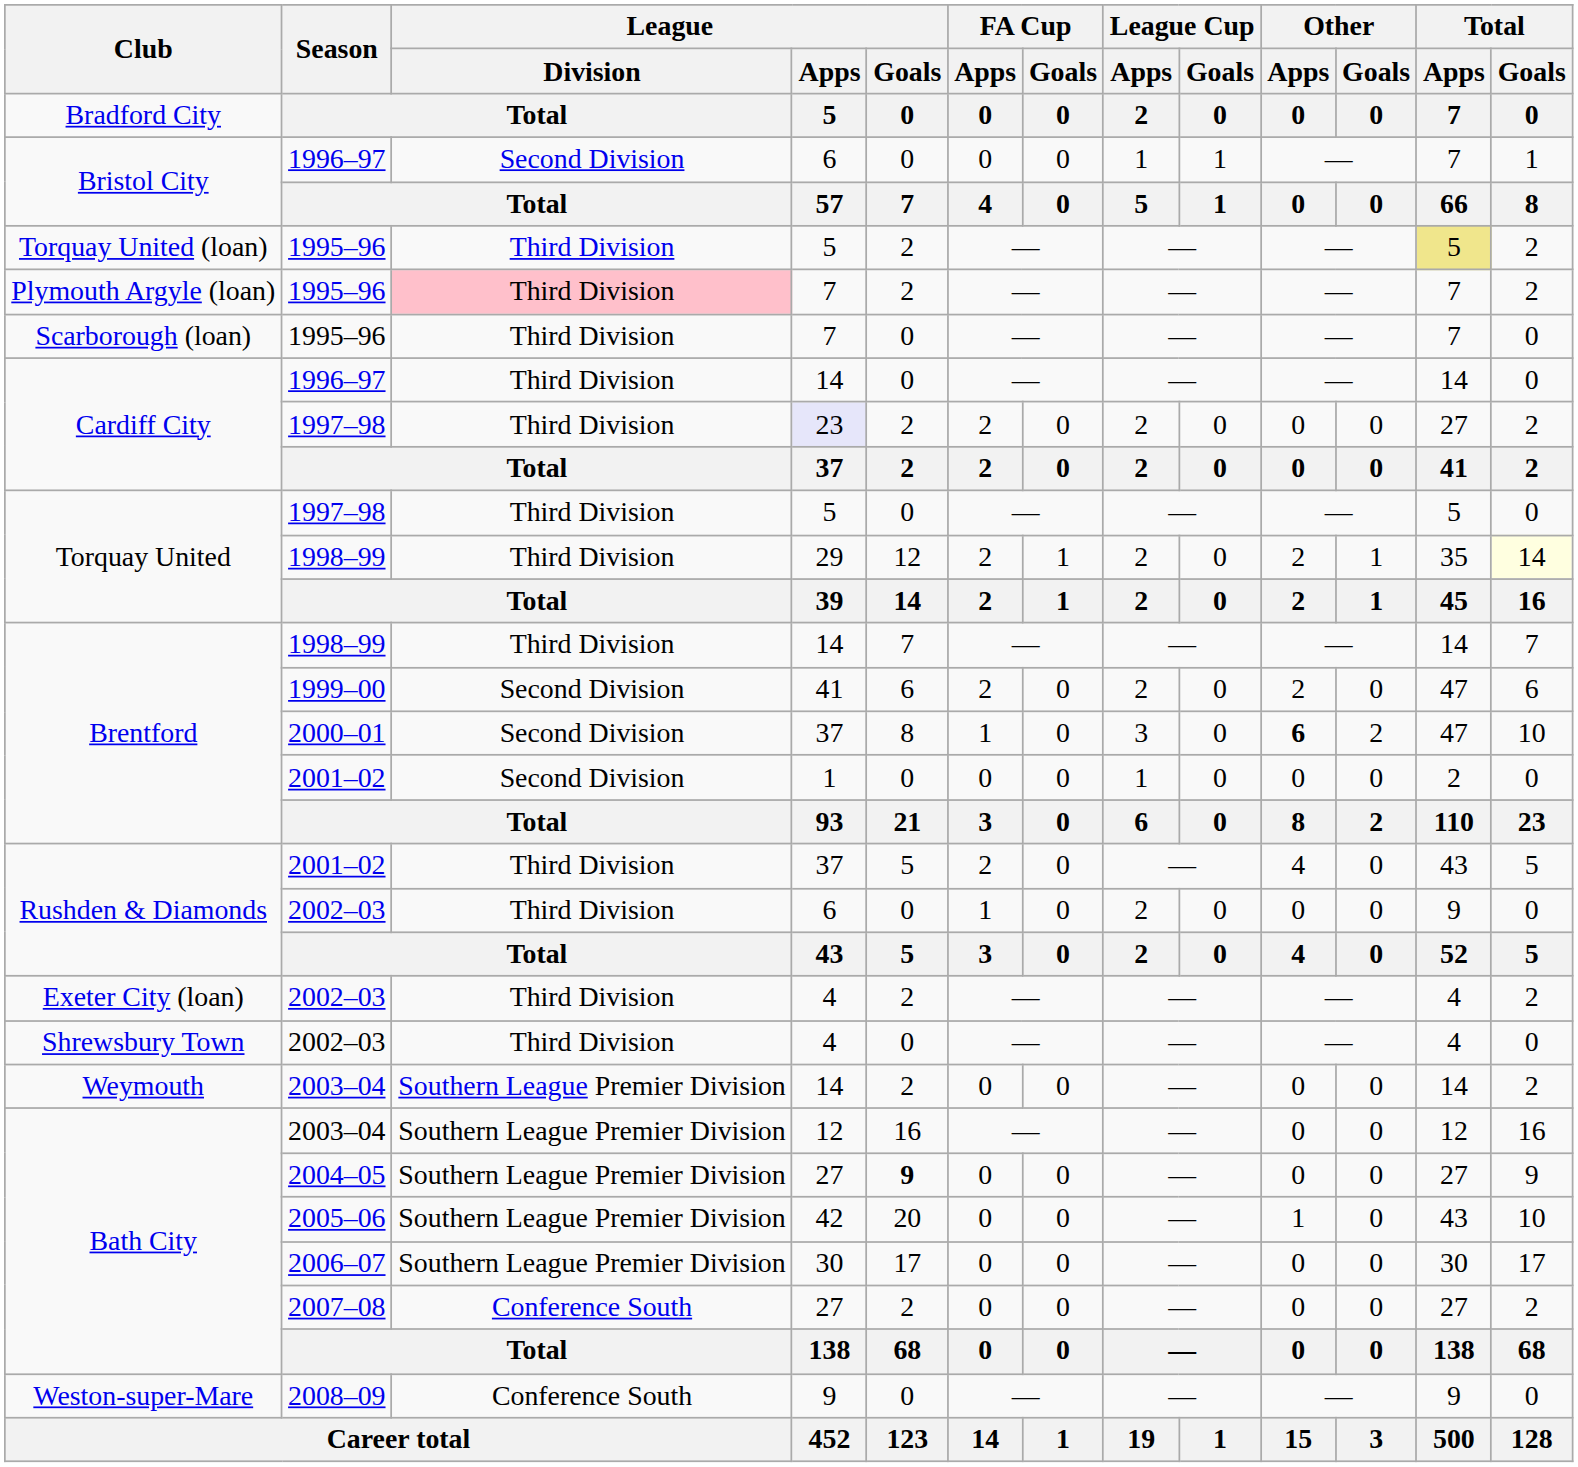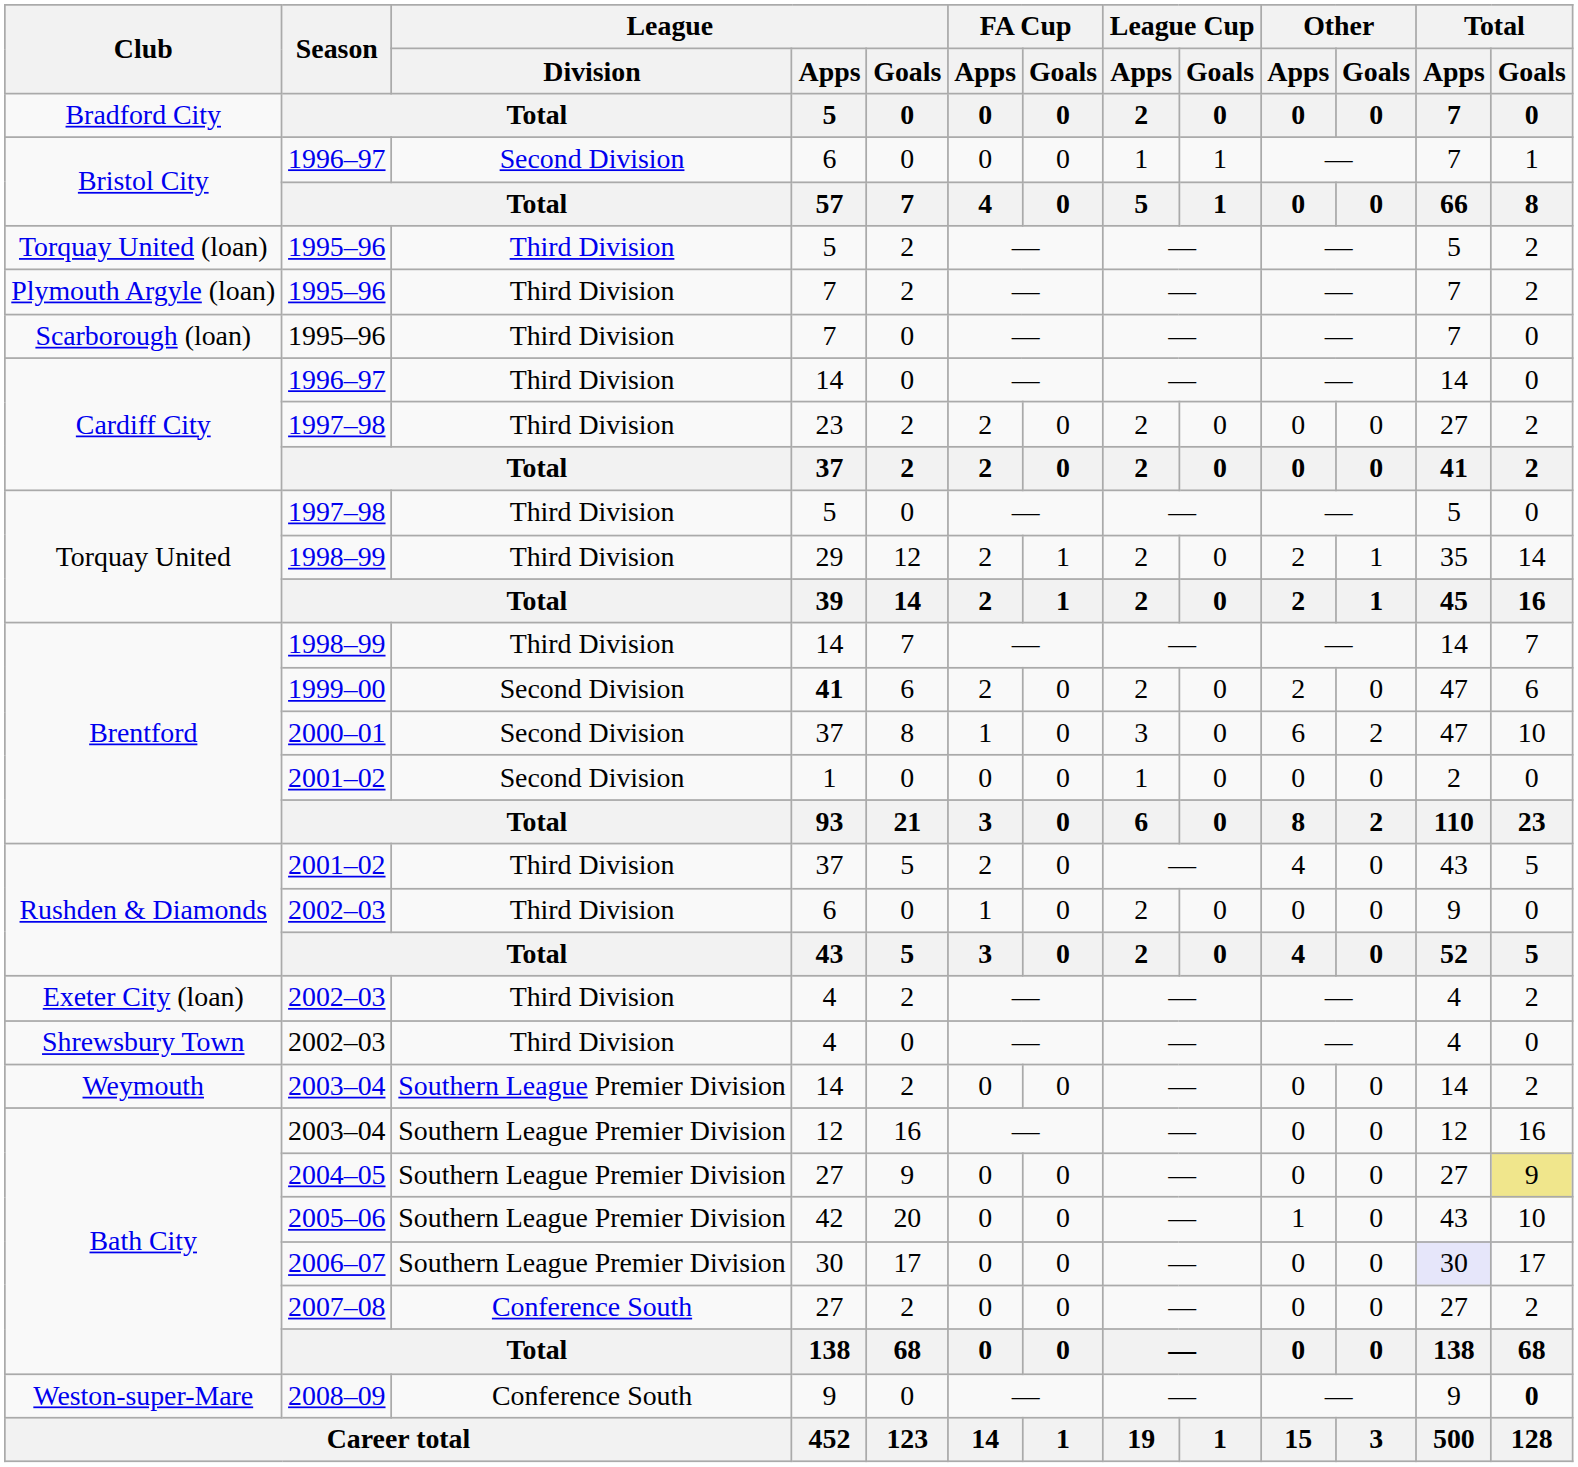 <table class="wikitable" style="text-align: center;">
 <tr>
 <th rowspan="2">Club</th>
 <th rowspan="2">Season</th>
 <th colspan="3">League</th>
 <th colspan="2">FA Cup</th>
 <th colspan="2">League Cup</th>
 <th colspan="2">Other</th>
 <th colspan="2">Total</th>
 </tr>
 <tr>
 <th>Division</th>
 <th>Apps</th>
 <th>Goals</th>
 <th>Apps</th>
 <th>Goals</th>
 <th>Apps</th>
 <th>Goals</th>
 <th>Apps</th>
 <th>Goals</th>
 <th>Apps</th>
 <th>Goals</th>
 </tr>
 <tr>
 <td><a href='#'>Bradford City</a></td>
 <th colspan="2">Total</th>
 <th>5</th>
 <th>0</th>
 <th>0</th>
 <th>0</th>
 <th>2</th>
 <th>0</th>
 <th>0</th>
 <th>0</th>
 <th>7</th>
 <th>0</th>
 </tr>
 <tr>
 <td rowspan="2"><a href='#'>Bristol City</a></td>
 <td><a href='#'>1996–97</a></td>
 <td><a href='#'>Second Division</a></td>
 <td>6</td>
 <td>0</td>
 <td>0</td>
 <td>0</td>
 <td>1</td>
 <td>1</td>
 <td colspan="2">—</td>
 <td>7</td>
 <td>1</td>
 </tr>
 <tr>
 <th colspan="2">Total</th>
 <th>57</th>
 <th>7</th>
 <th>4</th>
 <th>0</th>
 <th>5</th>
 <th>1</th>
 <th>0</th>
 <th>0</th>
 <th>66</th>
 <th>8</th>
 </tr>
 <tr>
 <td><a href='#'>Torquay United</a> (loan)</td>
 <td><a href='#'>1995–96</a></td>
 <td><a href='#'>Third Division</a></td>
 <td>5</td>
 <td>2</td>
 <td colspan="2">—</td>
 <td colspan="2">—</td>
 <td colspan="2">—</td>
-<td style="background: khaki;">5</td>
+<td>5</td>
 <td>2</td>
 </tr>
 <tr>
 <td><a href='#'>Plymouth Argyle</a> (loan)</td>
 <td><a href='#'>1995–96</a></td>
-<td style="background: pink;">Third Division</td>
+<td>Third Division</td>
 <td>7</td>
 <td>2</td>
 <td colspan="2">—</td>
 <td colspan="2">—</td>
 <td colspan="2">—</td>
 <td>7</td>
 <td>2</td>
 </tr>
 <tr>
 <td><a href='#'>Scarborough</a> (loan)</td>
 <td>1995–96</td>
 <td>Third Division</td>
 <td>7</td>
 <td>0</td>
 <td colspan="2">—</td>
 <td colspan="2">—</td>
 <td colspan="2">—</td>
 <td>7</td>
 <td>0</td>
 </tr>
 <tr>
 <td rowspan="3"><a href='#'>Cardiff City</a></td>
 <td><a href='#'>1996–97</a></td>
 <td>Third Division</td>
 <td>14</td>
 <td>0</td>
 <td colspan="2">—</td>
 <td colspan="2">—</td>
 <td colspan="2">—</td>
 <td>14</td>
 <td>0</td>
 </tr>
 <tr>
 <td><a href='#'>1997–98</a></td>
 <td>Third Division</td>
-<td style="background: lavender;">23</td>
+<td>23</td>
 <td>2</td>
 <td>2</td>
 <td>0</td>
 <td>2</td>
 <td>0</td>
 <td>0</td>
 <td>0</td>
 <td>27</td>
 <td>2</td>
 </tr>
 <tr>
 <th colspan="2">Total</th>
 <th>37</th>
 <th>2</th>
 <th>2</th>
 <th>0</th>
 <th>2</th>
 <th>0</th>
 <th>0</th>
 <th>0</th>
 <th>41</th>
 <th>2</th>
 </tr>
 <tr>
 <td rowspan="3">Torquay United</td>
 <td><a href='#'>1997–98</a></td>
 <td>Third Division</td>
 <td>5</td>
 <td>0</td>
 <td colspan="2">—</td>
 <td colspan="2">—</td>
 <td colspan="2">—</td>
 <td>5</td>
 <td>0</td>
 </tr>
 <tr>
 <td><a href='#'>1998–99</a></td>
 <td>Third Division</td>
 <td>29</td>
 <td>12</td>
 <td>2</td>
 <td>1</td>
 <td>2</td>
 <td>0</td>
 <td>2</td>
 <td>1</td>
 <td>35</td>
-<td style="background: lightyellow;">14</td>
+<td>14</td>
 </tr>
 <tr>
 <th colspan="2">Total</th>
 <th>39</th>
 <th>14</th>
 <th>2</th>
 <th>1</th>
 <th>2</th>
 <th>0</th>
 <th>2</th>
 <th>1</th>
 <th>45</th>
 <th>16</th>
 </tr>
 <tr>
 <td rowspan="5"><a href='#'>Brentford</a></td>
 <td><a href='#'>1998–99</a></td>
 <td>Third Division</td>
 <td>14</td>
 <td>7</td>
 <td colspan="2">—</td>
 <td colspan="2">—</td>
 <td colspan="2">—</td>
 <td>14</td>
 <td>7</td>
 </tr>
 <tr>
 <td><a href='#'>1999–00</a></td>
 <td>Second Division</td>
-<td>41</td>
+<td><strong>41</strong></td>
 <td>6</td>
 <td>2</td>
 <td>0</td>
 <td>2</td>
 <td>0</td>
 <td>2</td>
 <td>0</td>
 <td>47</td>
 <td>6</td>
 </tr>
 <tr>
 <td><a href='#'>2000–01</a></td>
 <td>Second Division</td>
 <td>37</td>
 <td>8</td>
 <td>1</td>
 <td>0</td>
 <td>3</td>
 <td>0</td>
-<td><strong>6</strong></td>
+<td>6</td>
 <td>2</td>
 <td>47</td>
 <td>10</td>
 </tr>
 <tr>
 <td><a href='#'>2001–02</a></td>
 <td>Second Division</td>
 <td>1</td>
 <td>0</td>
 <td>0</td>
 <td>0</td>
 <td>1</td>
 <td>0</td>
 <td>0</td>
 <td>0</td>
 <td>2</td>
 <td>0</td>
 </tr>
 <tr>
 <th colspan="2">Total</th>
 <th>93</th>
 <th>21</th>
 <th>3</th>
 <th>0</th>
 <th>6</th>
 <th>0</th>
 <th>8</th>
 <th>2</th>
 <th>110</th>
 <th>23</th>
 </tr>
 <tr>
 <td rowspan="3"><a href='#'>Rushden & Diamonds</a></td>
 <td><a href='#'>2001–02</a></td>
 <td>Third Division</td>
 <td>37</td>
 <td>5</td>
 <td>2</td>
 <td>0</td>
 <td colspan="2">—</td>
 <td>4</td>
 <td>0</td>
 <td>43</td>
 <td>5</td>
 </tr>
 <tr>
 <td><a href='#'>2002–03</a></td>
 <td>Third Division</td>
 <td>6</td>
 <td>0</td>
 <td>1</td>
 <td>0</td>
 <td>2</td>
 <td>0</td>
 <td>0</td>
 <td>0</td>
 <td>9</td>
 <td>0</td>
 </tr>
 <tr>
 <th colspan="2">Total</th>
 <th>43</th>
 <th>5</th>
 <th>3</th>
 <th>0</th>
 <th>2</th>
 <th>0</th>
 <th>4</th>
 <th>0</th>
 <th>52</th>
 <th>5</th>
 </tr>
 <tr>
 <td><a href='#'>Exeter City</a> (loan)</td>
 <td><a href='#'>2002–03</a></td>
 <td>Third Division</td>
 <td>4</td>
 <td>2</td>
 <td colspan="2">—</td>
 <td colspan="2">—</td>
 <td colspan="2">—</td>
 <td>4</td>
 <td>2</td>
 </tr>
 <tr>
 <td><a href='#'>Shrewsbury Town</a></td>
 <td>2002–03</td>
 <td>Third Division</td>
 <td>4</td>
 <td>0</td>
 <td colspan="2">—</td>
 <td colspan="2">—</td>
 <td colspan="2">—</td>
 <td>4</td>
 <td>0</td>
 </tr>
 <tr>
 <td><a href='#'>Weymouth</a></td>
 <td><a href='#'>2003–04</a></td>
 <td><a href='#'>Southern League</a> Premier Division</td>
 <td>14</td>
 <td>2</td>
 <td>0</td>
 <td>0</td>
 <td colspan="2">—</td>
 <td>0</td>
 <td>0</td>
 <td>14</td>
 <td>2</td>
 </tr>
 <tr>
 <td rowspan="6"><a href='#'>Bath City</a></td>
 <td>2003–04</td>
 <td>Southern League Premier Division</td>
 <td>12</td>
 <td>16</td>
 <td colspan="2">—</td>
 <td colspan="2">—</td>
 <td>0</td>
 <td>0</td>
 <td>12</td>
 <td>16</td>
 </tr>
 <tr>
 <td><a href='#'>2004–05</a></td>
 <td>Southern League Premier Division</td>
 <td>27</td>
-<td><strong>9</strong></td>
+<td>9</td>
 <td>0</td>
 <td>0</td>
 <td colspan="2">—</td>
 <td>0</td>
 <td>0</td>
 <td>27</td>
-<td>9</td>
+<td style="background: khaki;">9</td>
 </tr>
 <tr>
 <td><a href='#'>2005–06</a></td>
 <td>Southern League Premier Division</td>
 <td>42</td>
 <td>20</td>
 <td>0</td>
 <td>0</td>
 <td colspan="2">—</td>
 <td>1</td>
 <td>0</td>
 <td>43</td>
 <td>10</td>
 </tr>
 <tr>
 <td><a href='#'>2006–07</a></td>
 <td>Southern League Premier Division</td>
 <td>30</td>
 <td>17</td>
 <td>0</td>
 <td>0</td>
 <td colspan="2">—</td>
 <td>0</td>
 <td>0</td>
-<td>30</td>
+<td style="background: lavender;">30</td>
 <td>17</td>
 </tr>
 <tr>
 <td><a href='#'>2007–08</a></td>
 <td><a href='#'>Conference South</a></td>
 <td>27</td>
 <td>2</td>
 <td>0</td>
 <td>0</td>
 <td colspan="2">—</td>
 <td>0</td>
 <td>0</td>
 <td>27</td>
 <td>2</td>
 </tr>
 <tr>
 <th colspan="2">Total</th>
 <th>138</th>
 <th>68</th>
 <th>0</th>
 <th>0</th>
 <th colspan="2">—</th>
 <th>0</th>
 <th>0</th>
 <th>138</th>
 <th>68</th>
 </tr>
 <tr>
 <td><a href='#'>Weston-super-Mare</a></td>
 <td><a href='#'>2008–09</a></td>
 <td>Conference South</td>
 <td>9</td>
 <td>0</td>
 <td colspan="2">—</td>
 <td colspan="2">—</td>
 <td colspan="2">—</td>
 <td>9</td>
-<td>0</td>
+<td><strong>0</strong></td>
 </tr>
 <tr>
 <th colspan="3">Career total</th>
 <th>452</th>
 <th>123</th>
 <th>14</th>
 <th>1</th>
 <th>19</th>
 <th>1</th>
 <th>15</th>
 <th>3</th>
 <th>500</th>
 <th>128</th>
 </tr>
 </table>
